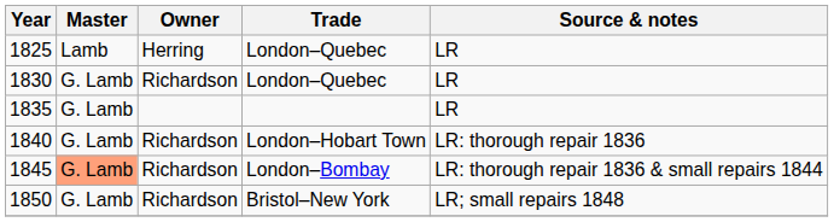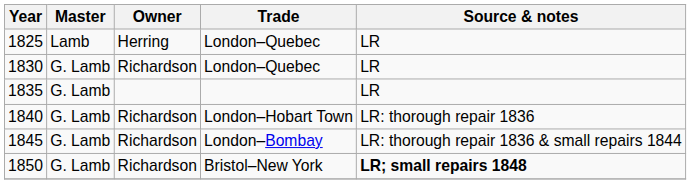 <table class="sortable wikitable">
 <tr>
 <th>Year</th>
 <th>Master</th>
 <th>Owner</th>
 <th>Trade</th>
 <th>Source & notes</th>
 </tr>
 <tr>
 <td>1825</td>
 <td>Lamb</td>
 <td>Herring</td>
 <td>London–Quebec</td>
 <td>LR</td>
 </tr>
 <tr>
 <td>1830</td>
 <td>G. Lamb</td>
 <td>Richardson</td>
 <td>London–Quebec</td>
 <td>LR</td>
 </tr>
 <tr>
 <td>1835</td>
 <td>G. Lamb</td>
 <td></td>
 <td></td>
 <td>LR</td>
 </tr>
 <tr>
 <td>1840</td>
 <td>G. Lamb</td>
 <td>Richardson</td>
 <td>London–Hobart Town</td>
 <td>LR: thorough repair 1836</td>
 </tr>
 <tr>
 <td>1845</td>
-<td style="background: lightsalmon;">G. Lamb</td>
+<td>G. Lamb</td>
 <td>Richardson</td>
 <td>London–<a href='#'>Bombay</a></td>
 <td>LR: thorough repair 1836 & small repairs 1844</td>
 </tr>
 <tr>
 <td>1850</td>
 <td>G. Lamb</td>
 <td>Richardson</td>
 <td>Bristol–New York</td>
-<td>LR; small repairs 1848</td>
+<td><strong>LR; small repairs 1848</strong></td>
 </tr>
 <tr>
 </tr>
 </table>
